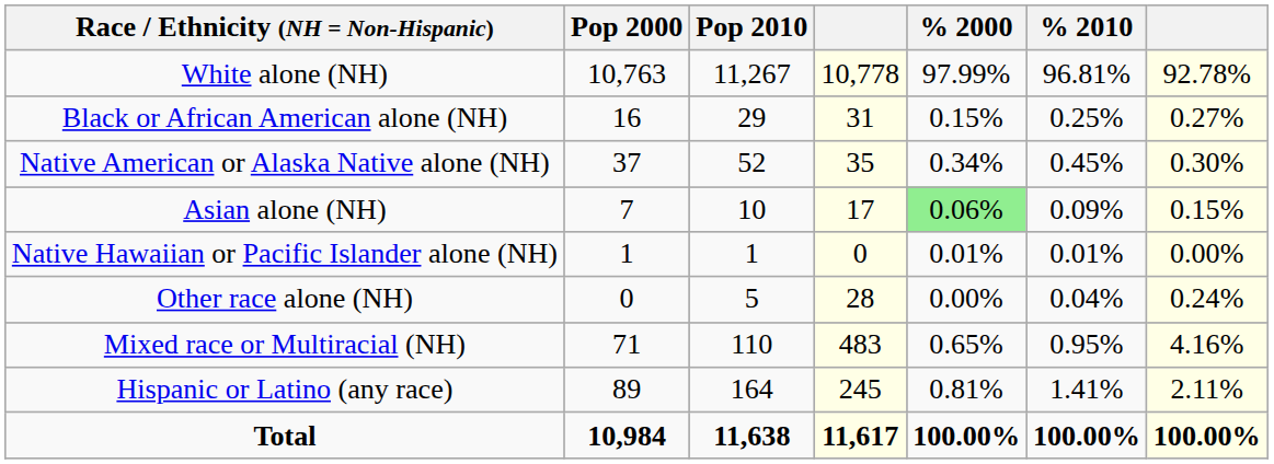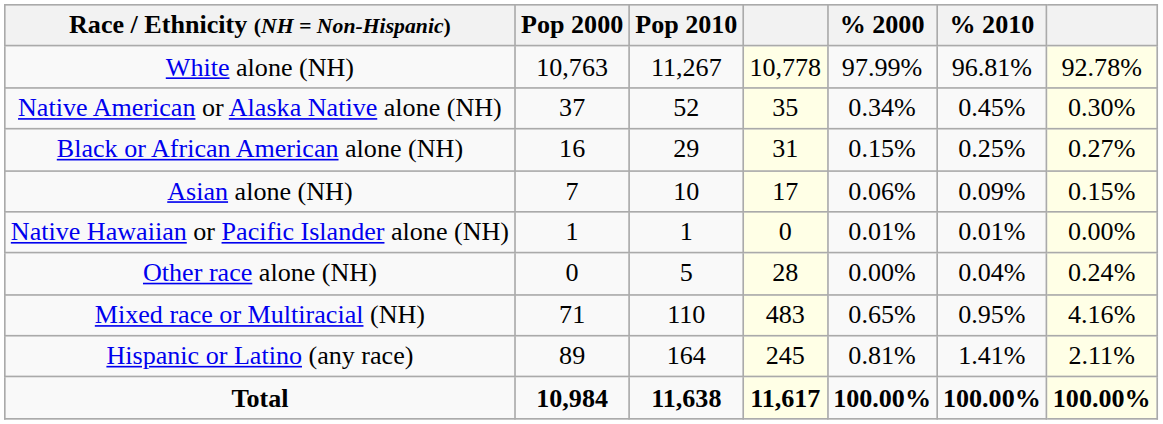 <table class="wikitable" style="text-align:center;">
 <tr>
 <th>Race / Ethnicity <small>(<em>NH = Non-Hispanic</em>)</small></th>
 <th>Pop 2000</th>
 <th>Pop 2010</th>
 <th></th>
 <th>% 2000</th>
 <th>% 2010</th>
 <th></th>
 </tr>
 <tr>
 <td><a href='#'>White</a> alone (NH)</td>
 <td>10,763</td>
 <td>11,267</td>
 <td style='background: #ffffe6;'>10,778</td>
 <td>97.99%</td>
 <td>96.81%</td>
 <td style='background: #ffffe6;'>92.78%</td>
 </tr>
 <tr>
+<td><a href='#'>Native American</a> or <a href='#'>Alaska Native</a> alone (NH)</td>
+<td>37</td>
+<td>52</td>
+<td style='background: #ffffe6;'>35</td>
+<td>0.34%</td>
+<td>0.45%</td>
+<td style='background: #ffffe6;'>0.30%</td>
+</tr>
+<tr>
 <td><a href='#'>Black or African American</a> alone (NH)</td>
 <td>16</td>
 <td>29</td>
 <td style='background: #ffffe6;'>31</td>
 <td>0.15%</td>
 <td>0.25%</td>
 <td style='background: #ffffe6;'>0.27%</td>
 </tr>
 <tr>
-<td><a href='#'>Native American</a> or <a href='#'>Alaska Native</a> alone (NH)</td>
-<td>37</td>
-<td>52</td>
-<td style='background: #ffffe6;'>35</td>
-<td>0.34%</td>
-<td>0.45%</td>
-<td style='background: #ffffe6;'>0.30%</td>
-</tr>
-<tr>
 <td><a href='#'>Asian</a> alone (NH)</td>
 <td>7</td>
 <td>10</td>
 <td style='background: #ffffe6;'>17</td>
-<td style="background: lightgreen;">0.06%</td>
+<td>0.06%</td>
 <td>0.09%</td>
 <td style='background: #ffffe6;'>0.15%</td>
 </tr>
 <tr>
 <td><a href='#'>Native Hawaiian</a> or <a href='#'>Pacific Islander</a> alone (NH)</td>
 <td>1</td>
 <td>1</td>
 <td style='background: #ffffe6;'>0</td>
 <td>0.01%</td>
 <td>0.01%</td>
 <td style='background: #ffffe6;'>0.00%</td>
 </tr>
 <tr>
 <td><a href='#'>Other race</a> alone (NH)</td>
 <td>0</td>
 <td>5</td>
 <td style='background: #ffffe6;'>28</td>
 <td>0.00%</td>
 <td>0.04%</td>
 <td style='background: #ffffe6;'>0.24%</td>
 </tr>
 <tr>
 <td><a href='#'>Mixed race or Multiracial</a> (NH)</td>
 <td>71</td>
 <td>110</td>
 <td style='background: #ffffe6;'>483</td>
 <td>0.65%</td>
 <td>0.95%</td>
 <td style='background: #ffffe6;'>4.16%</td>
 </tr>
 <tr>
 <td><a href='#'>Hispanic or Latino</a> (any race)</td>
 <td>89</td>
 <td>164</td>
 <td style='background: #ffffe6;'>245</td>
 <td>0.81%</td>
 <td>1.41%</td>
 <td style='background: #ffffe6;'>2.11%</td>
 </tr>
 <tr>
 <td><strong>Total</strong></td>
 <td><strong>10,984</strong></td>
 <td><strong>11,638</strong></td>
 <td style='background: #ffffe6;'><strong>11,617</strong></td>
 <td><strong>100.00%</strong></td>
 <td><strong>100.00%</strong></td>
 <td style='background: #ffffe6;'><strong>100.00%</strong></td>
 </tr>
 </table>
